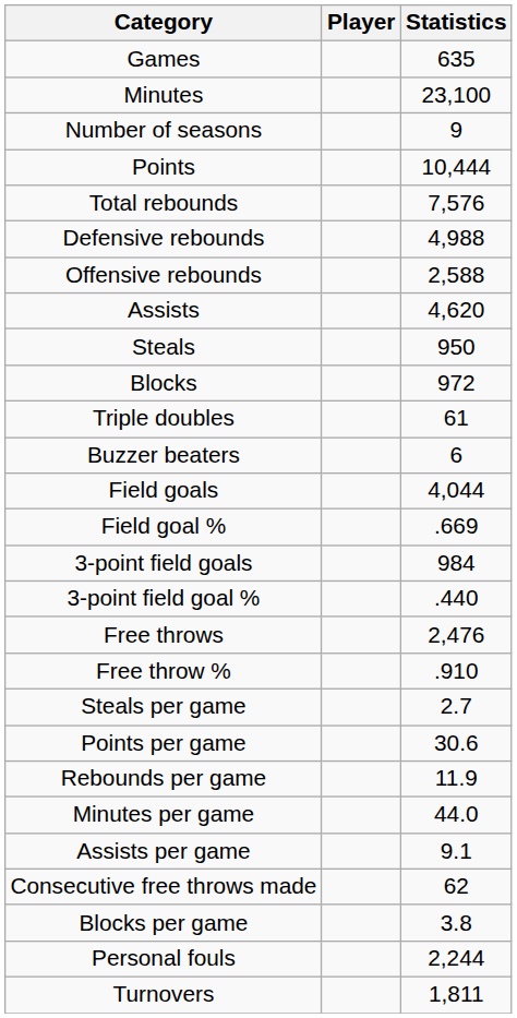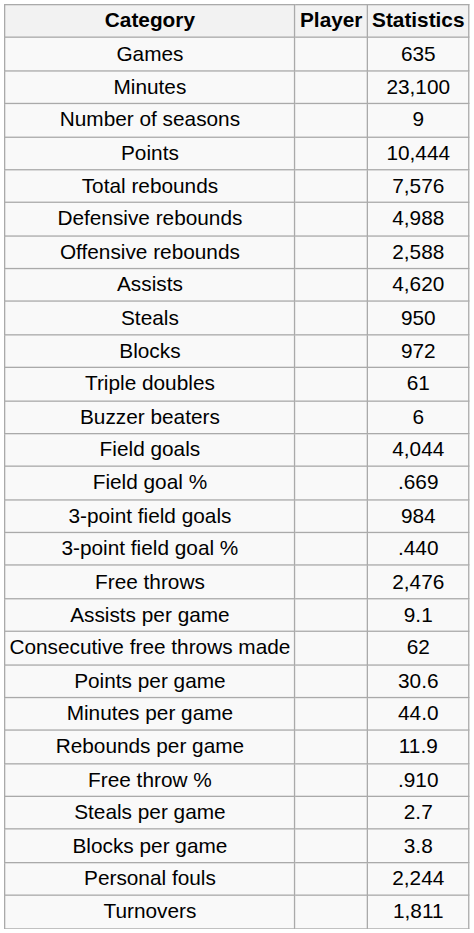 <table class="wikitable" style="text-align:center;">
 <tr>
 <th>Category</th>
 <th>Player</th>
 <th class="unsortable">Statistics</th>
 </tr>
 <tr>
 <td>Games</td>
 <td></td>
 <td>635</td>
 </tr>
 <tr>
 <td>Minutes</td>
 <td></td>
 <td>23,100</td>
 </tr>
 <tr>
 <td>Number of seasons</td>
 <td></td>
 <td>9</td>
 </tr>
 <tr>
 <td>Points</td>
 <td></td>
 <td>10,444</td>
 </tr>
 <tr>
 <td>Total rebounds</td>
 <td></td>
 <td>7,576</td>
 </tr>
 <tr>
 <td>Defensive rebounds</td>
 <td></td>
 <td>4,988</td>
 </tr>
 <tr>
 <td>Offensive rebounds</td>
 <td></td>
 <td>2,588</td>
 </tr>
 <tr>
 <td>Assists</td>
 <td></td>
 <td>4,620</td>
 </tr>
 <tr>
 <td>Steals</td>
 <td></td>
 <td>950</td>
 </tr>
 <tr>
 <td>Blocks</td>
 <td></td>
 <td>972</td>
 </tr>
 <tr>
 <td>Triple doubles</td>
 <td></td>
 <td>61</td>
 </tr>
 <tr>
 <td>Buzzer beaters</td>
 <td></td>
 <td>6</td>
 </tr>
 <tr>
 <td>Field goals</td>
 <td></td>
 <td>4,044</td>
 </tr>
 <tr>
 <td>Field goal %</td>
 <td></td>
 <td>.669</td>
 </tr>
 <tr>
 <td>3-point field goals</td>
 <td></td>
 <td>984</td>
 </tr>
 <tr>
 <td>3-point field goal %</td>
 <td></td>
 <td>.440</td>
 </tr>
 <tr>
 <td>Free throws</td>
 <td></td>
 <td>2,476</td>
 </tr>
 <tr>
+<td>Assists per game</td>
+<td></td>
+<td>9.1</td>
+</tr>
+<tr>
+<td>Consecutive free throws made</td>
+<td></td>
+<td>62</td>
+</tr>
+<tr>
+<td>Points per game</td>
+<td></td>
+<td>30.6</td>
+</tr>
+<tr>
+<td>Minutes per game</td>
+<td></td>
+<td>44.0</td>
+</tr>
+<tr>
+<td>Rebounds per game</td>
+<td></td>
+<td>11.9</td>
+</tr>
+<tr>
 <td>Free throw %</td>
 <td></td>
 <td>.910</td>
 </tr>
 <tr>
 <td>Steals per game</td>
 <td></td>
 <td>2.7</td>
-</tr>
-<tr>
-<td>Points per game</td>
-<td></td>
-<td>30.6</td>
-</tr>
-<tr>
-<td>Rebounds per game</td>
-<td></td>
-<td>11.9</td>
-</tr>
-<tr>
-<td>Minutes per game</td>
-<td></td>
-<td>44.0</td>
-</tr>
-<tr>
-<td>Assists per game</td>
-<td></td>
-<td>9.1</td>
-</tr>
-<tr>
-<td>Consecutive free throws made</td>
-<td></td>
-<td>62</td>
 </tr>
 <tr>
 <td>Blocks per game</td>
 <td></td>
 <td>3.8</td>
 </tr>
 <tr>
 <td>Personal fouls</td>
 <td></td>
 <td>2,244</td>
 </tr>
 <tr>
 <td>Turnovers</td>
 <td></td>
 <td>1,811</td>
 </tr>
 </table>
